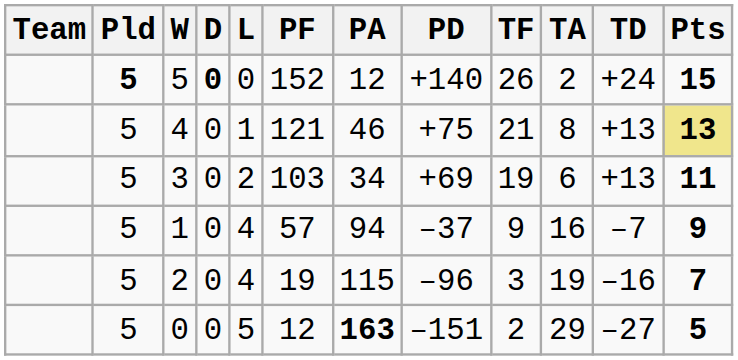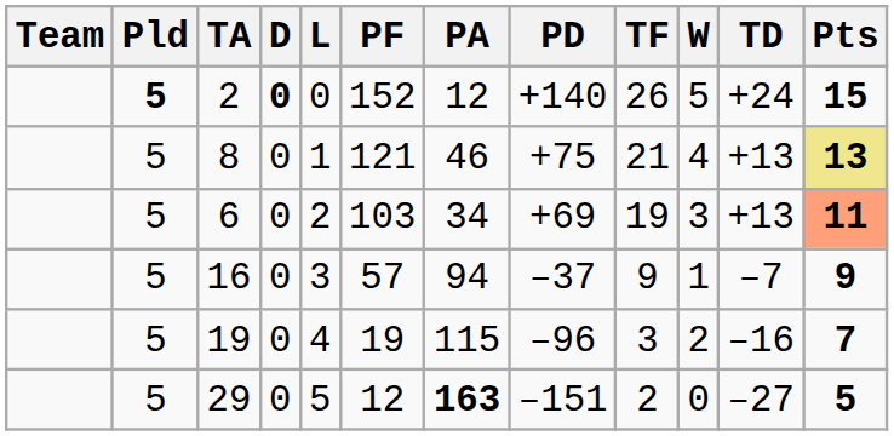 <table class="wikitable" style="text-align:center;">
 <tr>
 <th>Team</th>
 <th>Pld</th>
-<th>W</th>
+<th>TA</th>
 <th>D</th>
 <th>L</th>
 <th>PF</th>
 <th>PA</th>
 <th>PD</th>
 <th>TF</th>
-<th>TA</th>
+<th>W</th>
 <th>TD</th>
 <th>Pts</th>
 </tr>
 <tr>
 <td align=left></td>
 <td><strong>5</strong></td>
-<td>5</td>
+<td>2</td>
 <td><strong>0</strong></td>
 <td>0</td>
 <td>152</td>
 <td>12</td>
 <td>+140</td>
 <td>26</td>
-<td>2</td>
+<td>5</td>
 <td>+24</td>
 <td><strong>15</strong></td>
 </tr>
 <tr>
 <td align=left></td>
 <td>5</td>
-<td>4</td>
+<td>8</td>
 <td>0</td>
 <td>1</td>
 <td>121</td>
 <td>46</td>
 <td>+75</td>
 <td>21</td>
-<td>8</td>
+<td>4</td>
 <td>+13</td>
 <td style="background: khaki;"><strong>13</strong></td>
 </tr>
 <tr>
 <td align=left></td>
 <td>5</td>
-<td>3</td>
+<td>6</td>
 <td>0</td>
 <td>2</td>
 <td>103</td>
 <td>34</td>
 <td>+69</td>
 <td>19</td>
-<td>6</td>
+<td>3</td>
 <td>+13</td>
-<td><strong>11</strong></td>
+<td style="background: lightsalmon;"><strong>11</strong></td>
 </tr>
 <tr>
 <td align=left></td>
 <td>5</td>
-<td>1</td>
+<td>16</td>
 <td>0</td>
-<td>4</td>
+<td>3</td>
 <td>57</td>
 <td>94</td>
 <td>–37</td>
 <td>9</td>
-<td>16</td>
+<td>1</td>
 <td>–7</td>
 <td><strong>9</strong></td>
 </tr>
 <tr>
 <td align=left></td>
 <td>5</td>
-<td>2</td>
+<td>19</td>
 <td>0</td>
 <td>4</td>
 <td>19</td>
 <td>115</td>
 <td>–96</td>
 <td>3</td>
-<td>19</td>
+<td>2</td>
 <td>–16</td>
 <td><strong>7</strong></td>
 </tr>
 <tr>
 <td align=left></td>
 <td>5</td>
-<td>0</td>
+<td>29</td>
 <td>0</td>
 <td>5</td>
 <td>12</td>
 <td><strong>163</strong></td>
 <td>–151</td>
 <td>2</td>
-<td>29</td>
+<td>0</td>
 <td>–27</td>
 <td><strong>5</strong></td>
 </tr>
 </table>
